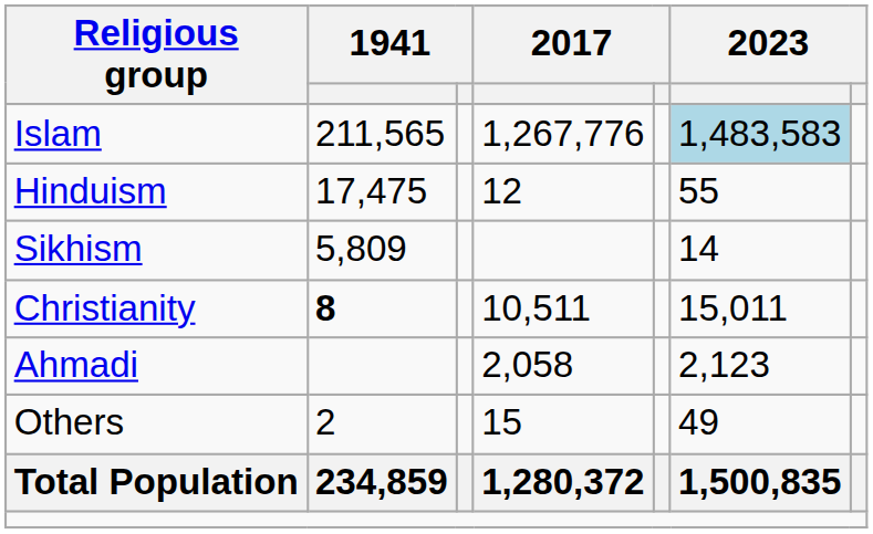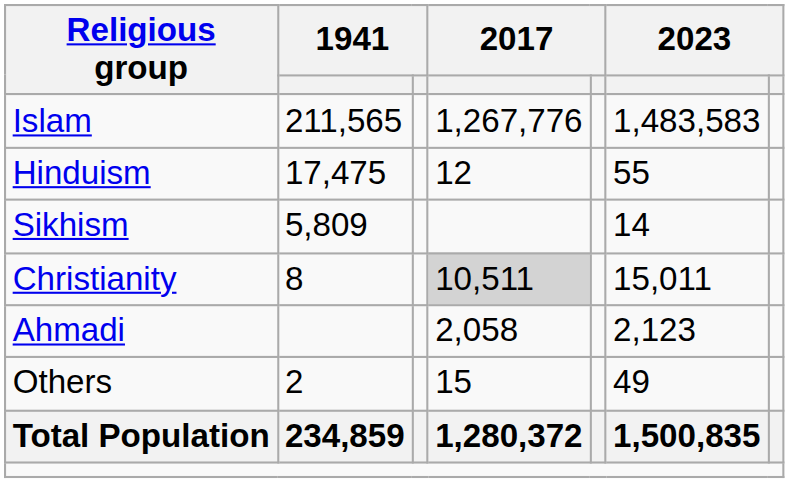 <table class="wikitable sortable">
 <tr>
 <th rowspan="2"><a href='#'>Religious</a><br>group</th>
 <th colspan="2">1941</th>
 <th colspan="2">2017</th>
 <th colspan="2">2023</th>
 </tr>
 <tr>
 <th><a href='#'></a></th>
 <th></th>
 <th></th>
 <th></th>
 <th></th>
 <th></th>
 </tr>
 <tr>
 <td><a href='#'>Islam</a> </td>
 <td>211,565</td>
 <td></td>
 <td>1,267,776</td>
 <td></td>
-<td style="background: lightblue;">1,483,583</td>
+<td>1,483,583</td>
 <td></td>
 </tr>
 <tr>
 <td><a href='#'>Hinduism</a> </td>
 <td>17,475</td>
 <td></td>
 <td>12</td>
 <td></td>
 <td>55</td>
 <td></td>
 </tr>
 <tr>
 <td><a href='#'>Sikhism</a> </td>
 <td>5,809</td>
 <td></td>
 <td></td>
 <td></td>
 <td>14</td>
 <td></td>
 </tr>
 <tr>
 <td><a href='#'>Christianity</a> </td>
-<td><strong>8</strong></td>
+<td>8</td>
 <td></td>
-<td>10,511</td>
+<td style="background: lightgrey;">10,511</td>
 <td></td>
 <td>15,011</td>
 <td></td>
 </tr>
 <tr>
 <td><a href='#'>Ahmadi</a></td>
 <td></td>
 <td></td>
 <td>2,058</td>
 <td></td>
 <td>2,123</td>
 <td></td>
 </tr>
 <tr>
 <td>Others </td>
 <td>2</td>
 <td></td>
 <td>15</td>
 <td></td>
 <td>49</td>
 <td></td>
 </tr>
 <tr>
 <th>Total Population</th>
 <th>234,859</th>
 <th></th>
 <th>1,280,372</th>
 <th></th>
 <th>1,500,835</th>
 <th></th>
 </tr>
 <tr class="sortbottom">
 <td colspan="7"></td>
 </tr>
 </table>
